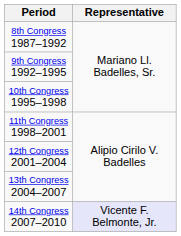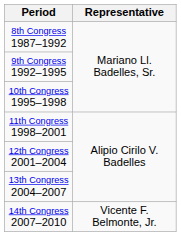 <table class="wikitable" style="text-align:center; width:40%;">
 <tr>
 <th width="40%">Period</th>
 <th>Representative</th>
 </tr>
 <tr>
 <td><small><a href='#'>8th Congress</a></small><br>1987–1992</td>
 <td rowspan="3">Mariano Ll. Badelles, Sr.</td>
 </tr>
 <tr>
 <td><small><a href='#'>9th Congress</a></small><br>1992–1995</td>
 </tr>
 <tr>
 <td><small><a href='#'>10th Congress</a></small><br>1995–1998</td>
 </tr>
 <tr>
 <td><small><a href='#'>11th Congress</a></small><br>1998–2001</td>
 <td rowspan="3">Alipio Cirilo V. Badelles</td>
 </tr>
 <tr>
 <td><small><a href='#'>12th Congress</a></small><br>2001–2004</td>
 </tr>
 <tr>
 <td><small><a href='#'>13th Congress</a></small><br>2004–2007</td>
 </tr>
 <tr>
 <td><small><a href='#'>14th Congress</a></small><br>2007–2010</td>
-<td style="background: lavender;">Vicente F. Belmonte, Jr.</td>
+<td>Vicente F. Belmonte, Jr.</td>
 </tr>
 </table>
